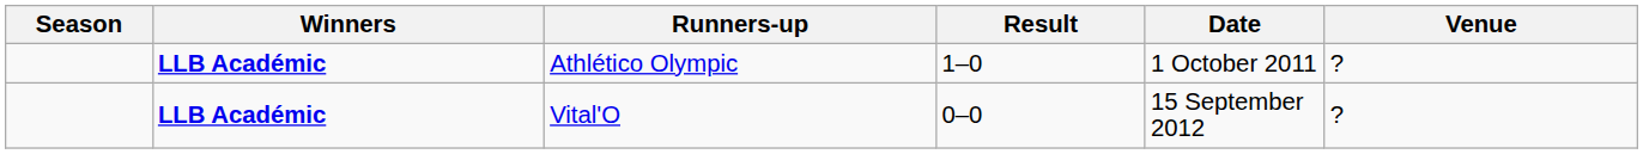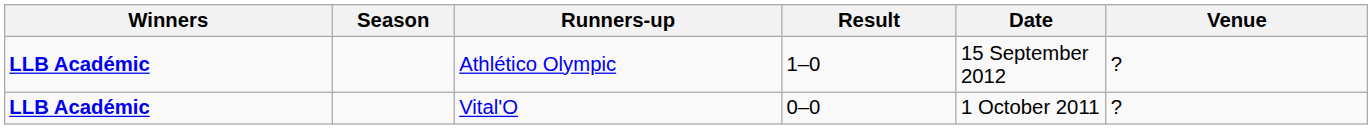 <table class=wikitable style="width:85%">
 <tr>
+<th style="width:15%;">Winners</th>
 <th style="width:5%;">Season</th>
-<th style="width:15%;">Winners</th>
 <th style="width:15%;">Runners-up</th>
 <th style="width: 8%;">Result</th>
 <th style="width: 5%">Date</th>
 <th style="width:12%;">Venue</th>
 </tr>
 <tr>
+<td><strong><a href='#'>LLB Académic</a></strong></td>
 <td></td>
-<td><strong><a href='#'>LLB Académic</a></strong></td>
 <td><a href='#'>Athlético Olympic</a></td>
 <td>1–0</td>
+<td>15 September 2012</td>
+<td>?</td>
+</tr>
+<tr>
+<td><strong><a href='#'>LLB Académic</a></strong></td>
+<td></td>
+<td><a href='#'>Vital'O</a></td>
+<td>0–0 </td>
 <td>1 October 2011</td>
 <td>?</td>
 </tr>
-<tr>
-<td></td>
-<td><strong><a href='#'>LLB Académic</a></strong></td>
-<td><a href='#'>Vital'O</a></td>
-<td>0–0 </td>
-<td>15 September 2012</td>
-<td>?</td>
-</tr>
 </table>
